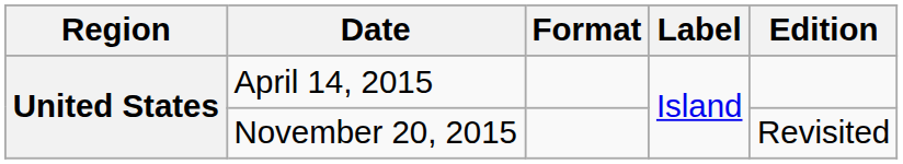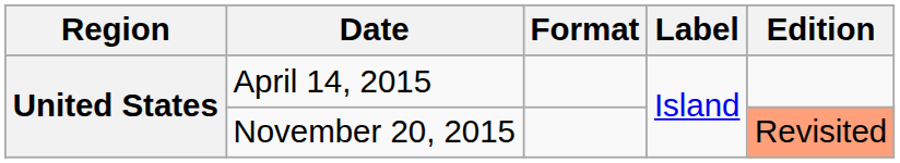 <table class="wikitable sortable plainrowheaders">
 <tr>
 <th scope="col">Region</th>
 <th scope="col">Date</th>
 <th scope="col">Format</th>
 <th scope="col">Label</th>
 <th scope="col">Edition</th>
 </tr>
 <tr>
 <th scope="row" rowspan="2">United States</th>
 <td>April 14, 2015</td>
 <td></td>
 <td rowspan="2"><a href='#'>Island</a></td>
 <td></td>
 </tr>
 <tr>
 <td>November 20, 2015</td>
 <td></td>
-<td>Revisited</td>
+<td style="background: lightsalmon;">Revisited</td>
 </tr>
 </table>
